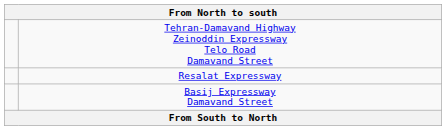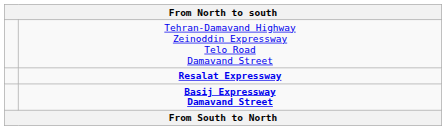 <table class="wikitable" style="text-align:center" width="600px">
 <tr>
 <th text-align="center" colspan="3"> From North to south </th>
 </tr>
 <tr>
 <td><br></td>
 <td> <a href='#'>Tehran-Damavand Highway</a><br> <a href='#'>Zeinoddin Expressway</a><br> <a href='#'>Telo Road</a><br> <a href='#'>Damavand Street</a></td>
 </tr>
 <tr>
 <td></td>
-<td> <a href='#'>Resalat Expressway</a></td>
+<td><strong> <a href='#'>Resalat Expressway</a></strong></td>
 </tr>
 <tr>
 <td><br></td>
-<td> <a href='#'>Basij Expressway</a><br> <a href='#'>Damavand Street</a></td>
+<td><strong> <a href='#'>Basij Expressway</a><br> <a href='#'>Damavand Street</a></strong></td>
 </tr>
 <tr>
 <th text-align="center" colspan="3"> From South to North </th>
 </tr>
 </table>
